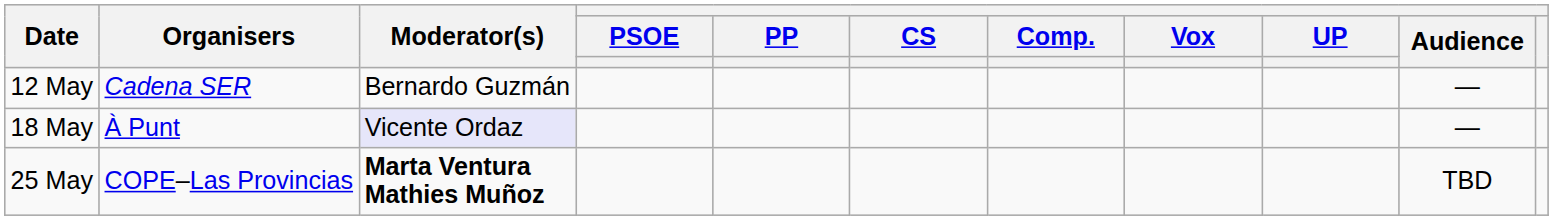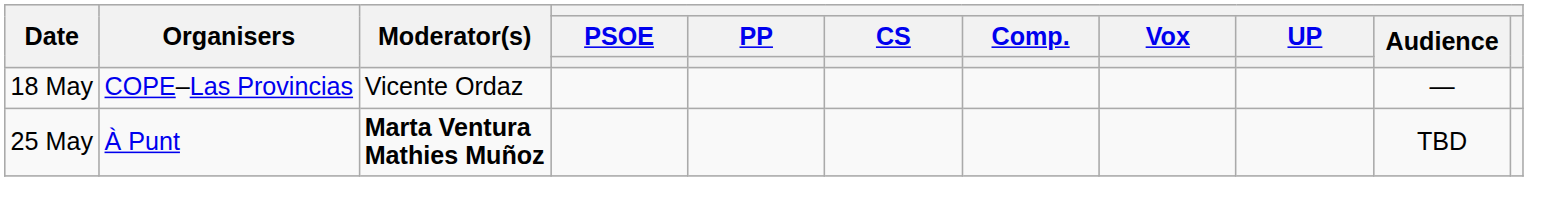 <table class="wikitable" style="text-align:center;">
 <tr>
 <th rowspan="3">Date</th>
 <th rowspan="3">Organisers</th>
 <th rowspan="3">Moderator(s)</th>
 <th colspan="8">      </th>
 </tr>
 <tr>
 <th scope="col" style="width:5em;"><a href='#'>PSOE</a></th>
 <th scope="col" style="width:5em;"><a href='#'>PP</a></th>
 <th scope="col" style="width:5em;"><a href='#'>CS</a></th>
 <th scope="col" style="width:5em;"><a href='#'>Comp.</a></th>
 <th scope="col" style="width:5em;"><a href='#'>Vox</a></th>
 <th scope="col" style="width:5em;"><a href='#'>UP</a></th>
 <th rowspan="2" scope="col" style="width:5em;">Audience</th>
 <th rowspan="2"></th>
 </tr>
 <tr>
 <th style="color:inherit;background:"></th>
 <th style="color:inherit;background:"></th>
 <th style="color:inherit;background:"></th>
 <th style="color:inherit;background:"></th>
 <th style="color:inherit;background:"></th>
 <th style="color:inherit;background:"></th>
 </tr>
 <tr>
-<td style="white-space:nowrap; text-align:left;">12 May</td>
-<td style="white-space:nowrap; text-align:left;"><em><a href='#'>Cadena SER</a></em></td>
-<td style="white-space:nowrap; text-align:left;">Bernardo Guzmán</td>
-<td></td>
-<td></td>
-<td></td>
-<td></td>
-<td></td>
-<td></td>
-<td>—</td>
-<td></td>
-</tr>
-<tr>
 <td style="white-space:nowrap; text-align:left;">18 May</td>
-<td style="white-space:nowrap; text-align:left;"><a href='#'>À Punt</a></td>
-<td style="background: lavender; white-space:nowrap; text-align:left;">Vicente Ordaz</td>
+<td style="white-space:nowrap; text-align:left;"><a href='#'>COPE</a>–<a href='#'>Las Provincias</a></td>
+<td style="white-space:nowrap; text-align:left;">Vicente Ordaz</td>
 <td></td>
 <td></td>
 <td></td>
 <td></td>
 <td></td>
 <td></td>
 <td>—</td>
 <td></td>
 </tr>
 <tr>
 <td style="white-space:nowrap; text-align:left;">25 May</td>
-<td style="white-space:nowrap; text-align:left;"><a href='#'>COPE</a>–<a href='#'>Las Provincias</a></td>
+<td style="white-space:nowrap; text-align:left;"><a href='#'>À Punt</a></td>
 <td style="white-space:nowrap; text-align:left;"><strong>Marta Ventura<br>Mathies Muñoz</strong></td>
 <td></td>
 <td></td>
 <td></td>
 <td></td>
 <td></td>
 <td></td>
 <td>TBD</td>
 <td></td>
 </tr>
 </table>
